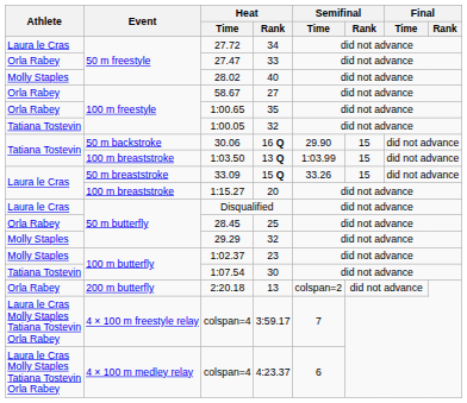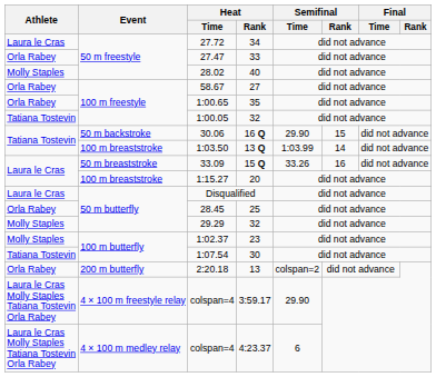 <table class=wikitable style=font-size:90%>
 <tr>
 <th rowspan=2>Athlete</th>
 <th rowspan=2>Event</th>
 <th colspan=2>Heat</th>
 <th colspan=2>Semifinal</th>
 <th colspan=2>Final</th>
 </tr>
 <tr style=font-size:95%>
 <th>Time</th>
 <th>Rank</th>
 <th>Time</th>
 <th>Rank</th>
 <th>Time</th>
 <th>Rank</th>
 </tr>
 <tr align=center>
 <td align=left><a href='#'>Laura le Cras</a></td>
 <td align=left rowspan="3"><a href='#'>50 m freestyle</a></td>
 <td>27.72</td>
 <td>34</td>
 <td colspan=4>did not advance</td>
 </tr>
 <tr align=center>
 <td align=left><a href='#'>Orla Rabey</a></td>
 <td>27.47</td>
 <td>33</td>
 <td colspan=4>did not advance</td>
 </tr>
 <tr align=center>
 <td align=left><a href='#'>Molly Staples</a></td>
 <td>28.02</td>
 <td>40</td>
 <td colspan=4>did not advance</td>
 </tr>
 <tr align=center>
 <td align=left><a href='#'>Orla Rabey</a></td>
 <td align=left rowspan="3"><a href='#'>100 m freestyle</a></td>
 <td>58.67</td>
 <td>27</td>
 <td colspan=4>did not advance</td>
 </tr>
 <tr align=center>
 <td align=left><a href='#'>Orla Rabey</a></td>
 <td>1:00.65</td>
 <td>35</td>
 <td colspan=4>did not advance</td>
 </tr>
 <tr align=center>
 <td align=left><a href='#'>Tatiana Tostevin</a></td>
 <td>1:00.05</td>
 <td>32</td>
 <td colspan=4>did not advance</td>
 </tr>
 <tr align=center>
 <td align=left rowspan=2><a href='#'>Tatiana Tostevin</a></td>
 <td align=left rowspan="1"><a href='#'>50 m backstroke</a></td>
 <td>30.06</td>
 <td>16 <strong>Q</strong></td>
 <td>29.90</td>
 <td>15</td>
 <td colspan=2>did not advance</td>
 </tr>
 <tr align=center>
 <td align=left rowspan="1"><a href='#'>100 m breaststroke</a></td>
 <td>1:03.50</td>
 <td>13 <strong>Q</strong></td>
 <td>1:03.99</td>
-<td>15</td>
+<td>14</td>
 <td colspan=2>did not advance</td>
 </tr>
 <tr align=center>
 <td align=left rowspan=2><a href='#'>Laura le Cras</a></td>
 <td align=left rowspan="1"><a href='#'>50 m breaststroke</a></td>
 <td>33.09</td>
 <td>15 <strong>Q</strong></td>
 <td>33.26</td>
-<td>15</td>
+<td>16</td>
 <td colspan=2>did not advance</td>
 </tr>
 <tr align=center>
 <td align=left rowspan="1"><a href='#'>100 m breaststroke</a></td>
 <td>1:15.27</td>
 <td>20</td>
 <td colspan=4>did not advance</td>
 </tr>
 <tr align=center>
 <td align=left><a href='#'>Laura le Cras</a></td>
 <td align=left rowspan="3"><a href='#'>50 m butterfly</a></td>
 <td colspan=2>Disqualified</td>
 <td colspan=4>did not advance</td>
 </tr>
 <tr align=center>
 <td align=left><a href='#'>Orla Rabey</a></td>
 <td>28.45</td>
 <td>25</td>
 <td colspan=4>did not advance</td>
 </tr>
 <tr align=center>
 <td align=left><a href='#'>Molly Staples</a></td>
 <td>29.29</td>
 <td>32</td>
 <td colspan=4>did not advance</td>
 </tr>
 <tr align=center>
 <td align=left><a href='#'>Molly Staples</a></td>
 <td align=left rowspan="2"><a href='#'>100 m butterfly</a></td>
 <td>1:02.37</td>
 <td>23</td>
 <td colspan=4>did not advance</td>
 </tr>
 <tr align=center>
 <td align=left><a href='#'>Tatiana Tostevin</a></td>
 <td>1:07.54</td>
 <td>30</td>
 <td colspan=4>did not advance</td>
 </tr>
 <tr align=center>
 <td align=left><a href='#'>Orla Rabey</a></td>
 <td align=left rowspan="1"><a href='#'>200 m butterfly</a></td>
 <td>2:20.18</td>
 <td>13</td>
 <td>colspan=2 </td>
 <td colspan=2>did not advance</td>
 </tr>
 <tr align=center>
 <td align=left><a href='#'>Laura le Cras</a><br><a href='#'>Molly Staples</a><br><a href='#'>Tatiana Tostevin</a><br><a href='#'>Orla Rabey</a></td>
 <td align=left><a href='#'>4 × 100 m freestyle relay</a></td>
 <td>colspan=4 </td>
 <td>3:59.17</td>
-<td>7</td>
+<td>29.90</td>
 </tr>
 <tr align=center>
 <td align=left><a href='#'>Laura le Cras</a><br><a href='#'>Molly Staples</a><br><a href='#'>Tatiana Tostevin</a><br><a href='#'>Orla Rabey</a></td>
 <td align=left><a href='#'>4 × 100 m medley relay</a></td>
 <td>colspan=4 </td>
 <td>4:23.37</td>
 <td>6</td>
 </tr>
 </table>
